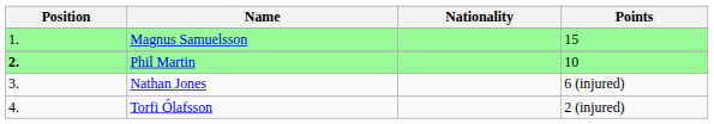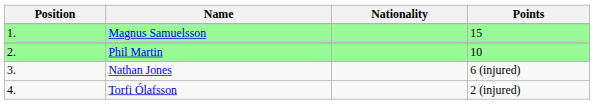 <table class="wikitable" style="display: inline-table; width: 50%;">
 <tr>
 <th>Position</th>
 <th>Name</th>
 <th>Nationality</th>
 <th>Points</th>
 </tr>
 <tr>
 </tr>
 <tr style="background:palegreen">
 <td>1.</td>
 <td><a href='#'>Magnus Samuelsson</a></td>
 <td></td>
 <td>15</td>
 </tr>
 <tr>
 </tr>
 <tr style="background:palegreen">
-<td><strong>2.</strong></td>
+<td>2.</td>
 <td><a href='#'>Phil Martin</a></td>
 <td></td>
 <td>10</td>
 </tr>
 <tr>
 <td>3.</td>
 <td><a href='#'>Nathan Jones</a></td>
 <td></td>
 <td>6 (injured)</td>
 </tr>
 <tr>
 <td>4.</td>
 <td><a href='#'>Torfi Ólafsson</a></td>
 <td></td>
 <td>2 (injured)</td>
 </tr>
 </table>
